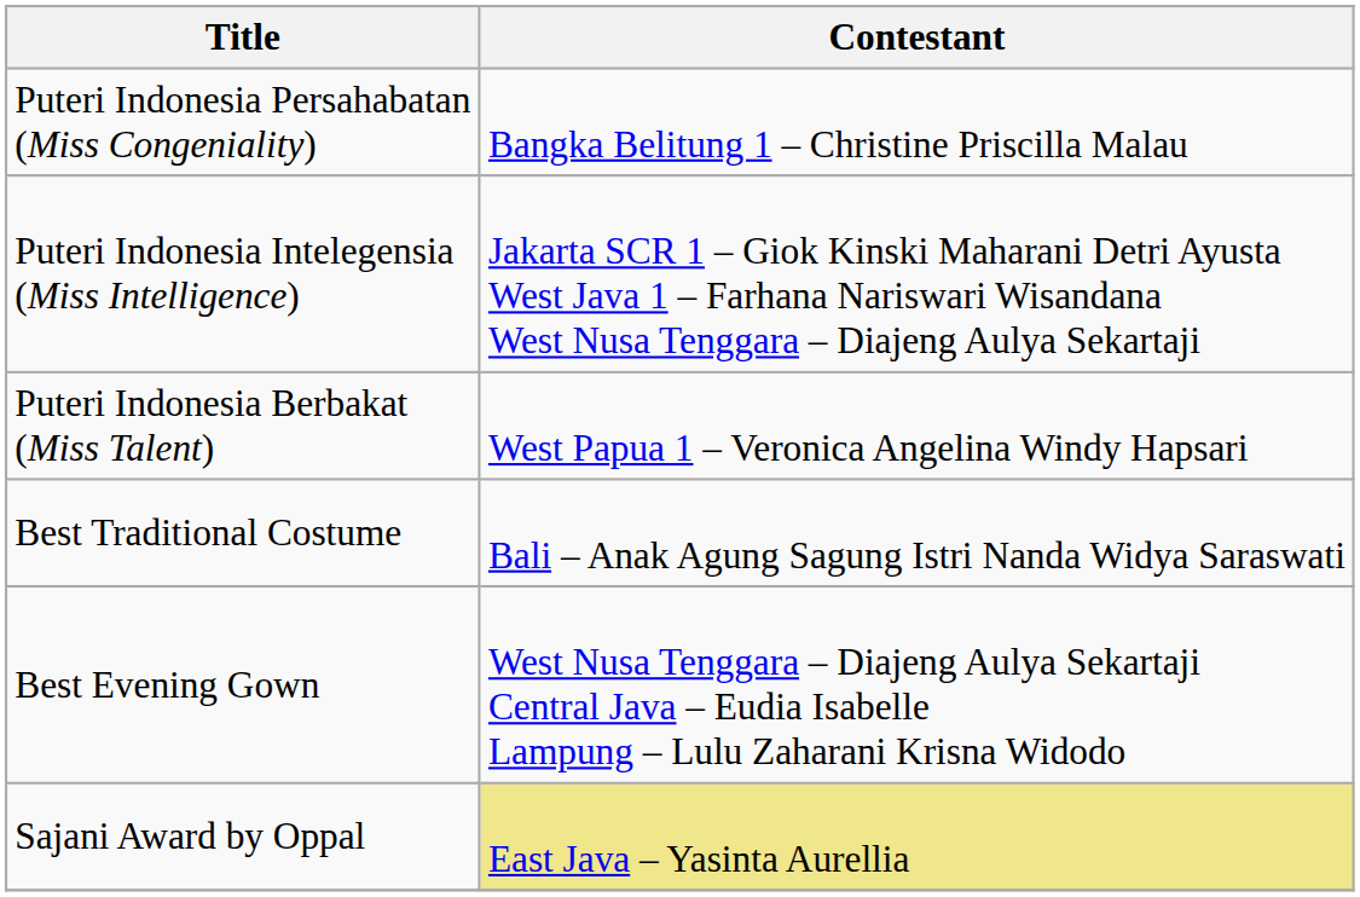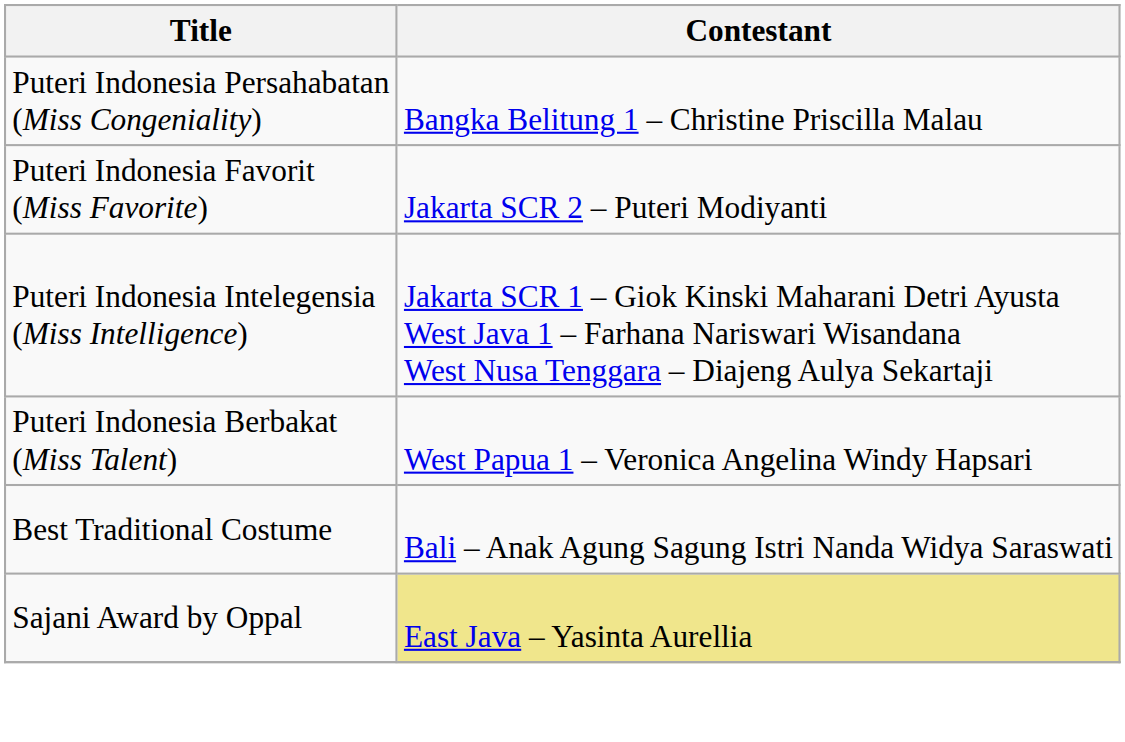 <table class="wikitable" style="font-size:95%;">
 <tr>
 <th>Title</th>
 <th>Contestant</th>
 </tr>
 <tr>
 <td>Puteri Indonesia Persahabatan<br> (<em>Miss Congeniality</em>)</td>
 <td><br><a href='#'>Bangka Belitung 1</a> – Christine Priscilla Malau</td>
+</tr>
+<tr>
+<td>Puteri Indonesia Favorit<br> (<em>Miss Favorite</em>)</td>
+<td><br><a href='#'>Jakarta SCR 2</a> – Puteri Modiyanti</td>
 </tr>
 <tr>
 <td>Puteri Indonesia Intelegensia<br> (<em>Miss Intelligence</em>)</td>
 <td><br> <a href='#'>Jakarta SCR 1</a> – Giok Kinski Maharani Detri Ayusta<br>  <a href='#'>West Java 1</a> – Farhana Nariswari Wisandana<br>  <a href='#'>West Nusa Tenggara</a> – Diajeng Aulya Sekartaji</td>
 </tr>
 <tr>
 <td>Puteri Indonesia Berbakat <br> (<em>Miss Talent</em>)</td>
 <td><br><a href='#'>West Papua 1</a> – Veronica Angelina Windy Hapsari</td>
 </tr>
 <tr>
 <td>Best Traditional Costume</td>
 <td><br><a href='#'>Bali</a> – Anak Agung Sagung Istri Nanda Widya Saraswati</td>
 </tr>
 <tr>
-<td>Best Evening Gown</td>
-<td><br> <a href='#'>West Nusa Tenggara</a> – Diajeng Aulya Sekartaji<br>  <a href='#'>Central Java</a> – Eudia Isabelle<br>  <a href='#'>Lampung</a> – Lulu Zaharani Krisna Widodo</td>
-</tr>
-<tr>
 <td>Sajani Award by Oppal</td>
 <td style="background: khaki;"><br><a href='#'>East Java</a> – Yasinta Aurellia</td>
 </tr>
 <tr>
 </tr>
 </table>
